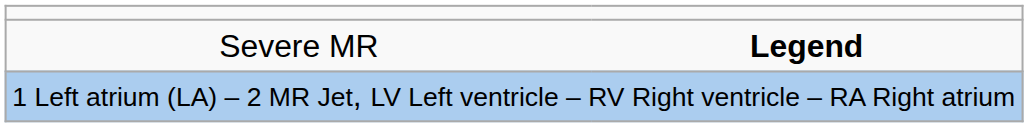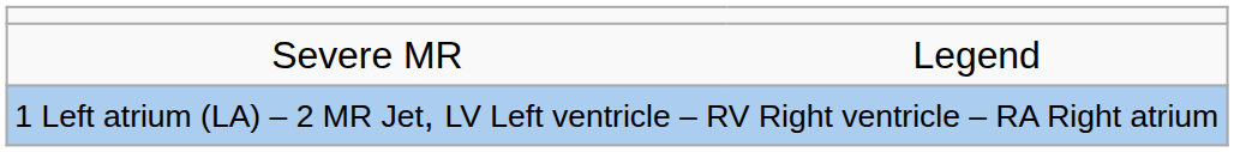 <table border="1" cellspacing="0" cellpadding="2" style="float:right;margin-left:0.5em;border-collapse:collapse;" | class="wikitable floatright">
 <tr>
 <td style="border-right:white" align="center"></td>
 <td style="border-left:white" align="center"></td>
 </tr>
 <tr>
 <td style="border-right:white" align="center">Severe MR</td>
-<td style="border-left:white" align="center"><strong>Legend</strong></td>
+<td style="border-left:white" align="center">Legend</td>
 </tr>
 <tr>
 <td colspan="2" bgcolor="#ABCDEF"><small>1 Left atrium (LA) – 2 MR Jet</small>, <small>LV Left ventricle – RV Right ventricle – RA Right atrium</small></td>
 </tr>
 </table>
